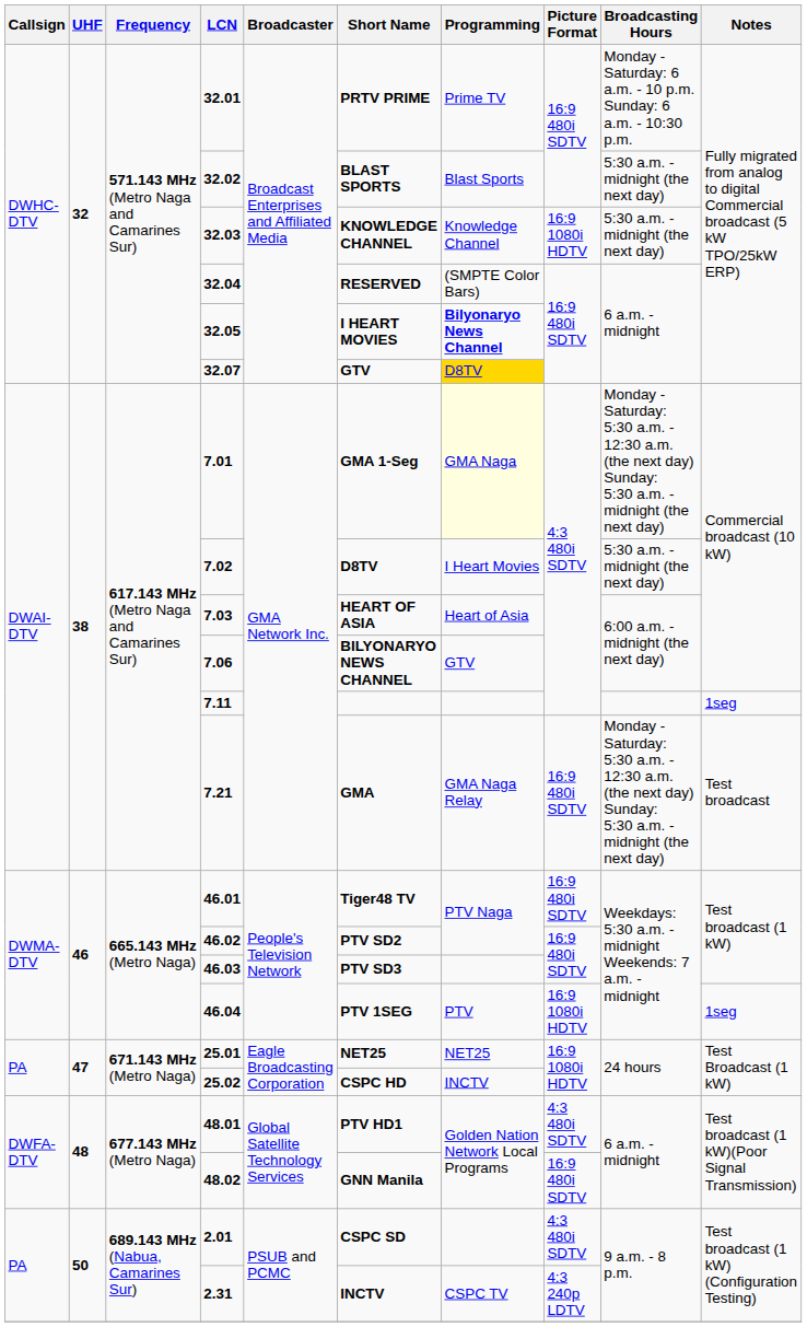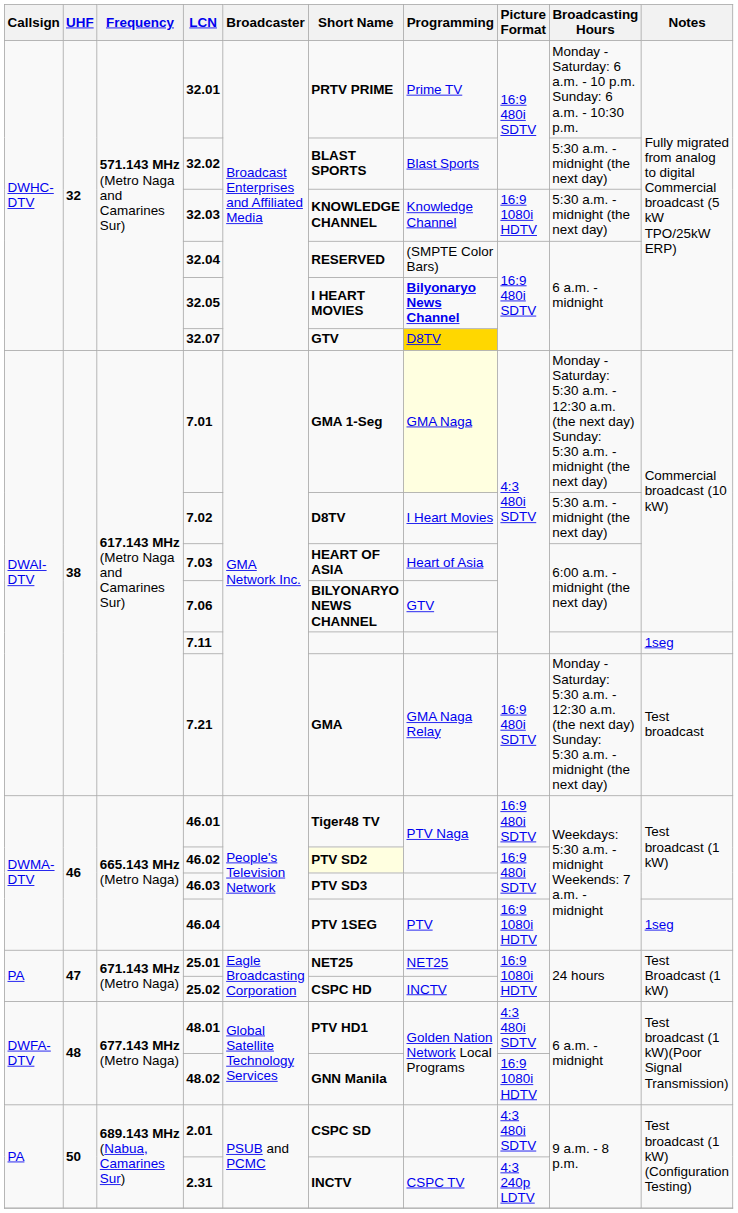 <table class="wikitable sortable">
 <tr>
 <th>Callsign</th>
 <th><a href='#'>UHF</a></th>
 <th><a href='#'>Frequency</a></th>
 <th><a href='#'>LCN</a></th>
 <th>Broadcaster</th>
 <th>Short Name</th>
 <th>Programming</th>
 <th>Picture Format</th>
 <th>Broadcasting Hours</th>
 <th>Notes</th>
 </tr>
 <tr>
 <td rowspan="6"><a href='#'>DWHC-DTV</a></td>
 <td rowspan="6"><strong>32</strong></td>
 <td rowspan="6"><strong>571.143 MHz</strong><br>(Metro Naga and Camarines Sur)</td>
 <td><strong>32.01</strong></td>
 <td rowspan="6"><a href='#'>Broadcast Enterprises and Affiliated Media</a></td>
 <td><strong>PRTV PRIME</strong></td>
 <td rowspan="1"><a href='#'>Prime TV</a></td>
 <td rowspan="2"><a href='#'>16:9</a> <a href='#'>480i</a> <a href='#'>SDTV</a></td>
 <td rowspan="1">Monday - Saturday: 6 a.m. - 10 p.m. <br> Sunday: 6 a.m. - 10:30 p.m.</td>
 <td rowspan="6">Fully migrated from analog to digital <br> Commercial broadcast (5 kW TPO/25kW ERP)</td>
 </tr>
 <tr>
 <td><strong>32.02</strong></td>
 <td><strong>BLAST SPORTS</strong></td>
 <td><a href='#'>Blast Sports</a></td>
 <td rowspan="1">5:30 a.m. - midnight (the next day)</td>
 </tr>
 <tr>
 <td><strong>32.03</strong></td>
 <td><strong>KNOWLEDGE CHANNEL</strong></td>
 <td><a href='#'>Knowledge Channel</a></td>
 <td><a href='#'>16:9</a> <a href='#'>1080i</a> <a href='#'>HDTV</a></td>
 <td rowspan="1">5:30 a.m. - midnight (the next day)</td>
 </tr>
 <tr>
 <td><strong>32.04</strong></td>
 <td><strong>RESERVED</strong></td>
 <td>(SMPTE Color Bars)</td>
 <td rowspan="3"><a href='#'>16:9</a> <a href='#'>480i</a> <a href='#'>SDTV</a></td>
 <td rowspan="3">6 a.m. - midnight</td>
 </tr>
 <tr>
 <td><strong>32.05</strong></td>
 <td><strong>I HEART MOVIES</strong></td>
 <td><strong><a href='#'>Bilyonaryo News Channel</a></strong></td>
 </tr>
 <tr>
 <td><strong>32.07</strong></td>
 <td><strong>GTV</strong></td>
 <td style="background: gold;"><a href='#'>D8TV</a></td>
 </tr>
 <tr>
 <td rowspan="6"><a href='#'>DWAI-DTV</a></td>
 <td rowspan="6"><strong>38</strong></td>
 <td rowspan="6"><strong>617.143 MHz</strong><br>(Metro Naga and Camarines Sur)</td>
 <td><strong>7.01</strong></td>
 <td rowspan="6"><a href='#'>GMA Network Inc.</a></td>
 <td><strong>GMA 1-Seg</strong></td>
 <td style="background: lightyellow;"><a href='#'>GMA Naga</a></td>
 <td rowspan="5"><a href='#'>4:3</a> <a href='#'>480i</a> <a href='#'>SDTV</a></td>
 <td>Monday - Saturday: <br> 5:30 a.m. - 12:30 a.m. (the next day) <br> Sunday: <br> 5:30 a.m. - midnight (the next day)</td>
 <td rowspan="4">Commercial broadcast (10 kW)</td>
 </tr>
 <tr>
 <td><strong>7.02</strong></td>
 <td><strong>D8TV</strong></td>
 <td><a href='#'>I Heart Movies</a></td>
 <td rowspan="1">5:30 a.m. - midnight (the next day)</td>
 </tr>
 <tr>
 <td><strong>7.03</strong></td>
 <td><strong>HEART OF ASIA</strong></td>
 <td><a href='#'>Heart of Asia</a></td>
 <td rowspan="2">6:00 a.m. - midnight (the next day)</td>
 </tr>
 <tr>
 <td><strong>7.06</strong></td>
 <td><strong>BILYONARYO NEWS CHANNEL</strong></td>
 <td><a href='#'>GTV</a></td>
 </tr>
 <tr>
 <td><strong>7.11</strong></td>
 <td></td>
 <td></td>
 <td></td>
 <td><a href='#'>1seg</a></td>
 </tr>
 <tr>
 <td><strong>7.21</strong></td>
 <td><strong>GMA</strong></td>
 <td><a href='#'>GMA Naga Relay</a></td>
 <td><a href='#'>16:9</a> <a href='#'>480i</a> <a href='#'>SDTV</a></td>
 <td>Monday - Saturday: <br> 5:30 a.m. - 12:30 a.m. (the next day) <br> Sunday: <br> 5:30 a.m. - midnight (the next day)</td>
 <td rowspan="1">Test broadcast</td>
 </tr>
 <tr>
 <td rowspan="4"><a href='#'>DWMA-DTV</a></td>
 <td rowspan="4"><strong>46</strong></td>
 <td rowspan="4"><strong>665.143 MHz</strong> (Metro Naga)</td>
 <td><strong>46.01</strong></td>
 <td rowspan="4"><a href='#'>People's Television Network</a></td>
 <td><strong>Tiger48 TV</strong></td>
 <td rowspan="2'"><a href='#'>PTV Naga</a></td>
 <td><a href='#'>16:9</a> <a href='#'>480i</a> <a href='#'>SDTV</a></td>
 <td rowspan="4">Weekdays: 5:30 a.m. - midnight <br> Weekends: 7 a.m. - midnight</td>
 <td rowspan="3">Test broadcast (1 kW)</td>
 </tr>
 <tr>
 <td><strong>46.02</strong></td>
-<td><strong>PTV SD2</strong></td>
+<td style="background: lightyellow;"><strong>PTV SD2</strong></td>
 <td rowspan="2'"><a href='#'>16:9</a> <a href='#'>480i</a> <a href='#'>SDTV</a></td>
 </tr>
 <tr>
 <td><strong>46.03</strong></td>
 <td><strong>PTV SD3</strong></td>
 <td></td>
 </tr>
 <tr>
 <td><strong>46.04</strong></td>
 <td><strong>PTV 1SEG</strong></td>
 <td><a href='#'>PTV</a></td>
 <td><a href='#'>16:9</a> <a href='#'>1080i</a> <a href='#'>HDTV</a></td>
 <td><a href='#'>1seg</a></td>
 </tr>
 <tr>
 <td rowspan="2"><a href='#'>PA</a></td>
 <td rowspan="2"><strong>47</strong></td>
 <td rowspan="2"><strong>671.143 MHz</strong><br>(Metro Naga)</td>
 <td><strong>25.01</strong></td>
 <td rowspan="2"><a href='#'>Eagle Broadcasting Corporation</a></td>
 <td><strong>NET25</strong></td>
 <td><a href='#'>NET25</a></td>
 <td rowspan="2"><a href='#'>16:9</a> <a href='#'>1080i</a> <a href='#'>HDTV</a></td>
 <td rowspan="2">24 hours</td>
 <td rowspan="2">Test Broadcast (1 kW)</td>
 </tr>
 <tr>
 <td><strong>25.02</strong></td>
 <td><strong>CSPC HD</strong></td>
 <td><a href='#'>INCTV</a></td>
 </tr>
 <tr>
 <td rowspan="2"><a href='#'>DWFA-DTV</a></td>
 <td rowspan="2"><strong>48</strong></td>
 <td rowspan="2"><strong>677.143 MHz</strong> <br>(Metro Naga)</td>
 <td><strong>48.01</strong></td>
 <td rowspan="2"><a href='#'>Global Satellite Technology Services</a></td>
 <td><strong>PTV HD1</strong></td>
 <td rowspan="2"><a href='#'>Golden Nation Network</a> Local Programs</td>
 <td><a href='#'>4:3</a> <a href='#'>480i</a> <a href='#'>SDTV</a></td>
 <td rowspan="2">6 a.m. - midnight</td>
 <td rowspan="2">Test broadcast (1 kW)(Poor Signal Transmission)</td>
 </tr>
 <tr>
 <td><strong>48.02</strong></td>
 <td><strong>GNN Manila</strong></td>
-<td><a href='#'>16:9</a> <a href='#'>480i</a> <a href='#'>SDTV</a></td>
+<td><a href='#'>16:9</a> <a href='#'>1080i</a> <a href='#'>HDTV</a></td>
 </tr>
 <tr>
 <td rowspan="2"><a href='#'>PA</a></td>
 <td rowspan="2"><strong>50</strong></td>
 <td rowspan="2"><strong>689.143 MHz</strong> (<a href='#'>Nabua, Camarines Sur</a>)</td>
 <td><strong>2.01</strong></td>
 <td rowspan="2"><a href='#'>PSUB</a> and <a href='#'>PCMC</a></td>
 <td><strong>CSPC SD</strong></td>
 <td></td>
 <td><a href='#'>4:3</a> <a href='#'>480i</a> <a href='#'>SDTV</a></td>
 <td rowspan="2">9 a.m. - 8 p.m.</td>
 <td rowspan="2">Test broadcast (1 kW) (Configuration Testing)</td>
 </tr>
 <tr>
 <td><strong>2.31</strong></td>
 <td><strong>INCTV</strong></td>
 <td><a href='#'>CSPC TV</a></td>
 <td><a href='#'>4:3</a> <a href='#'>240p</a> <a href='#'>LDTV</a></td>
 </tr>
 <tr>
 </tr>
 </table>
